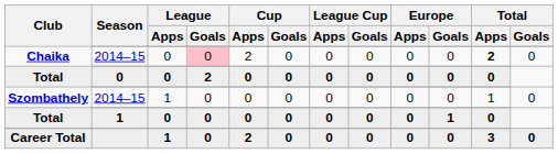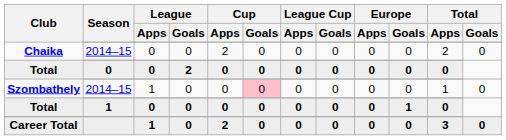 <table class="wikitable" style="font-size:90%; text-align: center;">
 <tr>
 <th rowspan="2">Club</th>
 <th rowspan="2">Season</th>
 <th colspan="2">League</th>
 <th colspan="2">Cup</th>
 <th colspan="2">League Cup</th>
 <th colspan="2">Europe</th>
 <th colspan="2">Total</th>
 </tr>
 <tr>
 <th>Apps</th>
 <th>Goals</th>
 <th>Apps</th>
 <th>Goals</th>
 <th>Apps</th>
 <th>Goals</th>
 <th>Apps</th>
 <th>Goals</th>
 <th>Apps</th>
 <th>Goals</th>
 </tr>
 <tr ||-||-||-|->
 <td rowspan="3" valign="center"><strong><a href='#'>Chaika</a></strong></td>
 </tr>
 <tr>
 <td><a href='#'>2014–15</a></td>
 <td>0</td>
-<td style="background: pink;">0</td>
+<td>0</td>
 <td>2</td>
 <td>0</td>
 <td>0</td>
 <td>0</td>
 <td>0</td>
 <td>0</td>
-<td><strong>2</strong></td>
+<td>2</td>
 <td>0</td>
 </tr>
 <tr>
 </tr>
 <tr style="font-weight:bold; background-color:#eeeeee;">
 <td>Total</td>
 <td>0</td>
 <td>0</td>
 <td>2</td>
 <td>0</td>
 <td>0</td>
 <td>0</td>
 <td>0</td>
 <td>0</td>
 <td>0</td>
 <td>0</td>
 </tr>
 <tr>
 <td rowspan="3" valign="center"><strong><a href='#'>Szombathely</a></strong></td>
 </tr>
 <tr>
 <td><a href='#'>2014–15</a></td>
 <td>1</td>
 <td>0</td>
 <td>0</td>
-<td>0</td>
+<td style="background: pink;">0</td>
 <td>0</td>
 <td>0</td>
 <td>0</td>
 <td>0</td>
 <td>1</td>
 <td>0</td>
 </tr>
 <tr>
 </tr>
 <tr style="font-weight:bold; background-color:#eeeeee;">
 <td>Total</td>
 <td>1</td>
 <td>0</td>
 <td>0</td>
 <td>0</td>
 <td>0</td>
 <td>0</td>
 <td>0</td>
 <td>0</td>
 <td>1</td>
 <td>0</td>
 </tr>
 <tr>
 </tr>
 <tr style="font-weight:bold; background-color:#eeeeee;">
 <td rowspan="2" valign="top"><strong>Career Total</strong></td>
 <td></td>
 <td><strong>1</strong></td>
 <td><strong>0</strong></td>
 <td><strong>2</strong></td>
 <td><strong>0</strong></td>
 <td><strong>0</strong></td>
 <td><strong>0</strong></td>
 <td><strong>0</strong></td>
 <td><strong>0</strong></td>
 <td><strong>3</strong></td>
 <td><strong>0</strong></td>
 </tr>
 </table>
